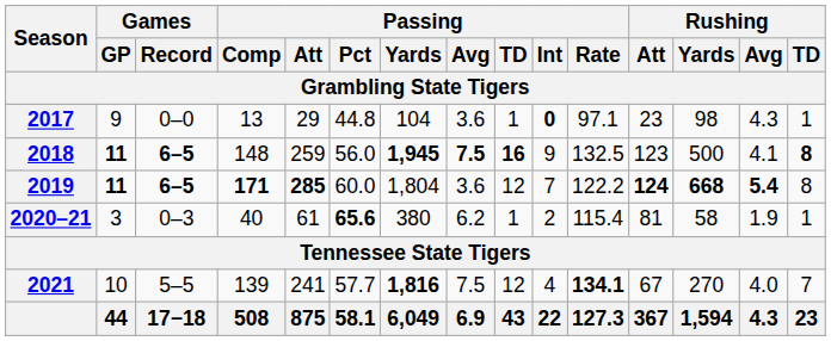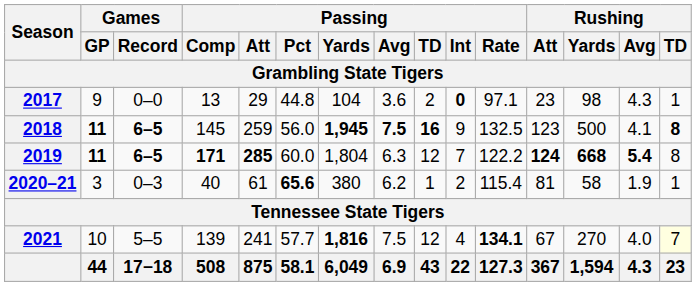 <table class="wikitable" style="text-align:center;">
 <tr>
 <th rowspan="2">Season</th>
 <th colspan="2">Games</th>
 <th colspan="8">Passing</th>
 <th colspan="4">Rushing</th>
 </tr>
 <tr>
 <th>GP</th>
 <th>Record</th>
 <th>Comp</th>
 <th>Att</th>
 <th>Pct</th>
 <th>Yards</th>
 <th>Avg</th>
 <th>TD</th>
 <th>Int</th>
 <th>Rate</th>
 <th>Att</th>
 <th>Yards</th>
 <th>Avg</th>
 <th>TD</th>
 </tr>
 <tr>
 <th colspan="16">Grambling State Tigers</th>
 </tr>
 <tr>
 <th><a href='#'>2017</a></th>
 <td>9</td>
 <td>0–0</td>
 <td>13</td>
 <td>29</td>
 <td>44.8</td>
 <td>104</td>
 <td>3.6</td>
-<td>1</td>
+<td>2</td>
 <td><strong>0</strong></td>
 <td>97.1</td>
 <td>23</td>
 <td>98</td>
 <td>4.3</td>
 <td>1</td>
 </tr>
 <tr>
 <th><a href='#'>2018</a></th>
 <td><strong>11</strong></td>
 <td><strong>6–5</strong></td>
-<td>148</td>
+<td>145</td>
 <td>259</td>
 <td>56.0</td>
 <td><strong>1,945</strong></td>
 <td><strong>7.5</strong></td>
 <td><strong>16</strong></td>
 <td>9</td>
 <td>132.5</td>
 <td>123</td>
 <td>500</td>
 <td>4.1</td>
 <td><strong>8</strong></td>
 </tr>
 <tr>
 <th><a href='#'>2019</a></th>
 <td><strong>11</strong></td>
 <td><strong>6–5</strong></td>
 <td><strong>171</strong></td>
 <td><strong>285</strong></td>
 <td>60.0</td>
 <td>1,804</td>
-<td>3.6</td>
+<td>6.3</td>
 <td>12</td>
 <td>7</td>
 <td>122.2</td>
 <td><strong>124</strong></td>
 <td><strong>668</strong></td>
 <td><strong>5.4</strong></td>
 <td>8</td>
 </tr>
 <tr>
 <th><a href='#'>2020–21</a></th>
 <td>3</td>
 <td>0–3</td>
 <td>40</td>
 <td>61</td>
 <td><strong>65.6</strong></td>
 <td>380</td>
 <td>6.2</td>
 <td>1</td>
 <td>2</td>
 <td>115.4</td>
 <td>81</td>
 <td>58</td>
 <td>1.9</td>
 <td>1</td>
 </tr>
 <tr>
 <th colspan="16">Tennessee State Tigers</th>
 </tr>
 <tr>
 <th><a href='#'>2021</a></th>
 <td>10</td>
 <td>5–5</td>
 <td>139</td>
 <td>241</td>
 <td>57.7</td>
 <td><strong>1,816</strong></td>
 <td>7.5</td>
 <td>12</td>
 <td>4</td>
 <td><strong>134.1</strong></td>
 <td>67</td>
 <td>270</td>
 <td>4.0</td>
-<td>7</td>
+<td style="background: lightyellow;">7</td>
 </tr>
 <tr>
 <th></th>
 <th>44</th>
 <th>17−18</th>
 <th>508</th>
 <th>875</th>
 <th>58.1</th>
 <th>6,049</th>
 <th>6.9</th>
 <th>43</th>
 <th>22</th>
 <th>127.3</th>
 <th>367</th>
 <th>1,594</th>
 <th>4.3</th>
 <th>23</th>
 </tr>
 </table>
